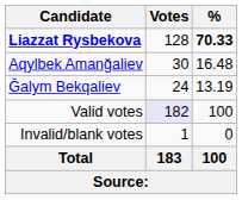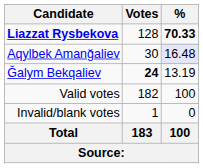 <table class="wikitable" style="text-align:right">
 <tr>
 <th>Candidate</th>
 <th>Votes</th>
 <th>%</th>
 </tr>
 <tr>
 <td align="left"><strong><a href='#'>Liazzat Rysbekova</a></strong></td>
 <td>128</td>
 <td><strong>70.33</strong></td>
 </tr>
 <tr>
 <td align="left"><a href='#'>Aqylbek Amanğaliev</a></td>
 <td>30</td>
-<td>16.48</td>
+<td style="background: lavender;">16.48</td>
 </tr>
 <tr>
 <td align="left"><a href='#'>Ğalym Bekqaliev</a></td>
-<td>24</td>
+<td><strong>24</strong></td>
 <td>13.19</td>
 </tr>
 <tr>
 <td>Valid votes</td>
-<td style="background: lavender;">182</td>
+<td>182</td>
 <td>100</td>
 </tr>
 <tr>
 <td>Invalid/blank votes</td>
 <td>1</td>
 <td>0</td>
 </tr>
 <tr>
 <th>Total</th>
 <th>183</th>
 <th>100</th>
 </tr>
 <tr>
 <th colspan="3">Source: </th>
 </tr>
 </table>
